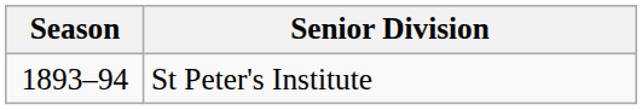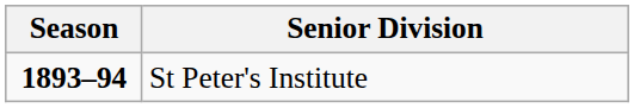 <table class=wikitable style=margin-bottom:0>
 <tr>
 <th width=65px>Season</th>
 <th width=250px>Senior Division</th>
 </tr>
 <tr>
-<td align=center>1893–94</td>
+<td align=center><strong>1893–94</strong></td>
 <td>St Peter's Institute</td>
 </tr>
 </table>
